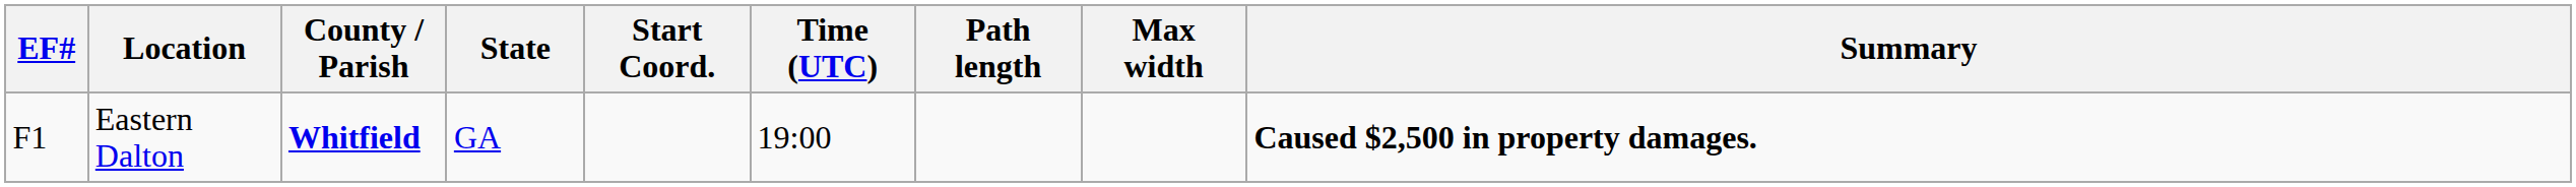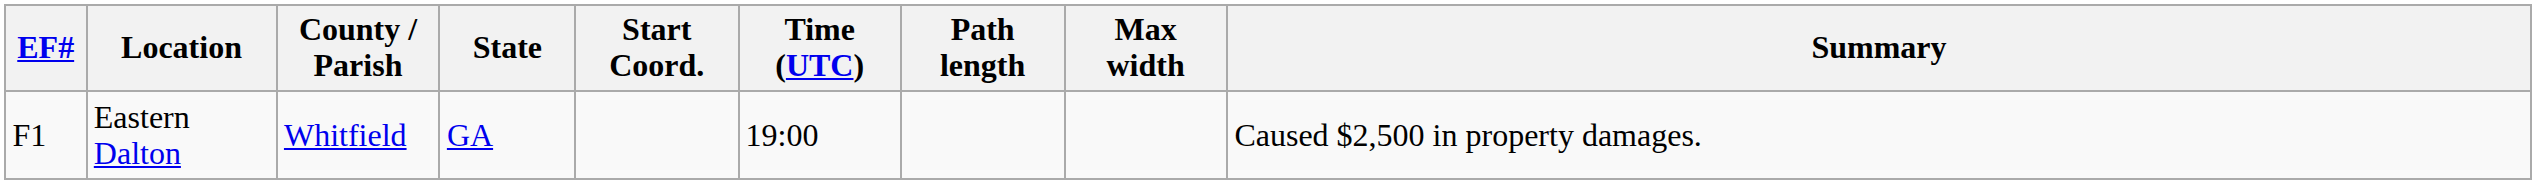 <table class="wikitable sortable" style="width:100%;">
 <tr>
 <th scope="col"  style="width:3%; text-align:center;"><a href='#'>EF#</a></th>
 <th scope="col"  style="width:7%; text-align:center;" class="unsortable">Location</th>
 <th scope="col"  style="width:6%; text-align:center;" class="unsortable">County / Parish</th>
 <th scope="col"  style="width:5%; text-align:center;">State</th>
 <th scope="col"  style="width:6%; text-align:center;">Start Coord.</th>
 <th scope="col"  style="width:6%; text-align:center;">Time (<a href='#'>UTC</a>)</th>
 <th scope="col"  style="width:6%; text-align:center;">Path length</th>
 <th scope="col"  style="width:6%; text-align:center;">Max width</th>
 <th scope="col" class="unsortable" style="width:48%; text-align:center;">Summary</th>
 </tr>
 <tr>
 <td bgcolor=>F1</td>
 <td>Eastern <a href='#'>Dalton</a></td>
-<td><strong><a href='#'>Whitfield</a></strong></td>
+<td><a href='#'>Whitfield</a></td>
 <td><a href='#'>GA</a></td>
 <td></td>
 <td>19:00</td>
 <td></td>
 <td></td>
-<td><strong>Caused $2,500 in property damages.</strong></td>
+<td>Caused $2,500 in property damages.</td>
 </tr>
 <tr>
 </tr>
 </table>
